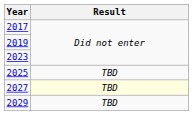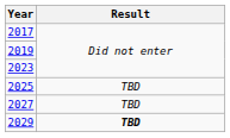 <table class="wikitable" style="text-align: center; font-size:90%">
 <tr>
 <th>Year</th>
 <th style="width:200px">Result</th>
 </tr>
 <tr>
 <td> <a href='#'>2017</a></td>
 <td rowspan="3"><em>Did not enter</em></td>
 </tr>
 <tr>
 <td> <a href='#'>2019</a></td>
 </tr>
 <tr>
 <td> <a href='#'>2023</a></td>
 </tr>
 <tr>
 <td> <a href='#'>2025</a></td>
 <td><em>TBD</em></td>
 </tr>
 <tr>
 <td> <a href='#'>2027</a></td>
-<td style="background: lightyellow;"><em>TBD</em></td>
+<td><em>TBD</em></td>
 </tr>
 <tr>
 <td> <a href='#'>2029</a></td>
-<td><em>TBD</em></td>
+<td><strong><em>TBD</em></strong></td>
 </tr>
 </table>
